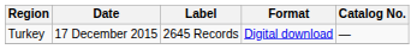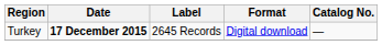 <table class=wikitable>
 <tr>
 <th>Region</th>
 <th>Date</th>
 <th>Label</th>
 <th>Format</th>
 <th>Catalog No.</th>
 </tr>
 <tr>
 <td>Turkey</td>
-<td>17 December 2015</td>
+<td><strong>17 December 2015</strong></td>
 <td>2645 Records</td>
 <td><a href='#'>Digital download</a></td>
 <td>—</td>
 </tr>
 <tr>
 </tr>
 </table>
